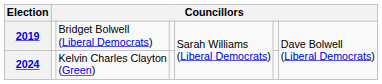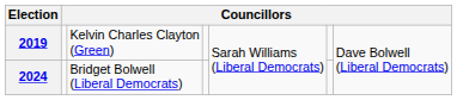 <table class="wikitable">
 <tr>
 <th>Election</th>
 <th colspan="6">Councillors</th>
 </tr>
 <tr>
 <th><a href='#'>2019</a></th>
 <td rowspan="1" style="background-color: "></td>
-<td>Bridget Bolwell<br>(<a href='#'>Liberal Democrats</a>)</td>
+<td>Kelvin Charles Clayton<br>(<a href='#'>Green</a>)</td>
 <td style="background-color: "></td>
 <td rowspan="2">Sarah Williams<br>(<a href='#'>Liberal Democrats</a>)</td>
 <td rowspan="1;" style="background-color: "></td>
 <td rowspan="2">Dave Bolwell<br>(<a href='#'>Liberal Democrats</a>)</td>
 </tr>
 <tr>
 <th><a href='#'>2024</a></th>
 <td style="background-color: "></td>
-<td>Kelvin Charles Clayton<br>(<a href='#'>Green</a>)</td>
+<td>Bridget Bolwell<br>(<a href='#'>Liberal Democrats</a>)</td>
 <td style="background-color: "></td>
 <td rowspan="1;" style="background-color: "></td>
 </tr>
 </table>
